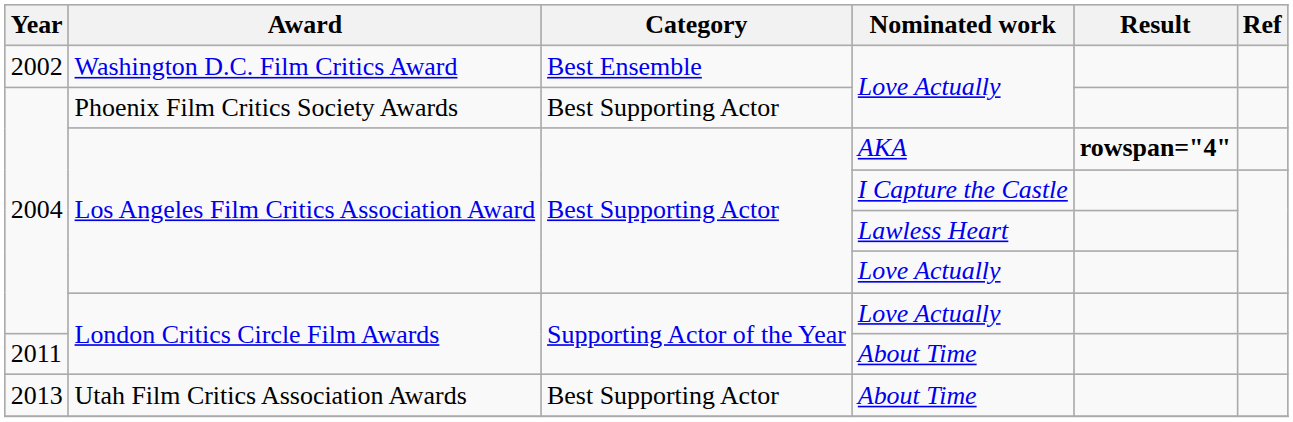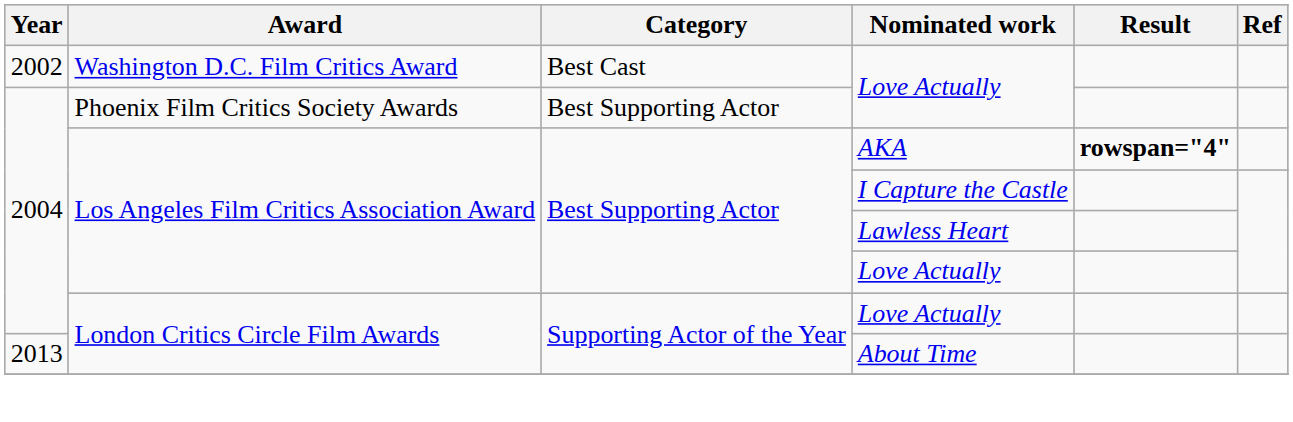 <table class="wikitable sortable">
 <tr>
 <th>Year</th>
 <th>Award</th>
 <th>Category</th>
 <th>Nominated work</th>
 <th>Result</th>
 <th class=unsortable>Ref</th>
 </tr>
 <tr>
 <td>2002</td>
 <td><a href='#'>Washington D.C. Film Critics Award</a></td>
-<td><a href='#'>Best Ensemble</a></td>
+<td>Best Cast</td>
 <td rowspan="2"><em><a href='#'>Love Actually</a></em></td>
 <td></td>
 <td></td>
 </tr>
 <tr>
 <td rowspan="6">2004</td>
 <td>Phoenix Film Critics Society Awards</td>
 <td>Best Supporting Actor</td>
 <td></td>
 <td></td>
 </tr>
 <tr>
 <td rowspan="4"><a href='#'>Los Angeles Film Critics Association Award</a></td>
 <td rowspan="4"><a href='#'>Best Supporting Actor</a></td>
 <td><em><a href='#'>AKA</a></em></td>
 <td><strong>rowspan="4" </strong></td>
 <td></td>
 </tr>
 <tr>
 <td><em><a href='#'>I Capture the Castle</a></em></td>
 <td></td>
 </tr>
 <tr>
 <td><em><a href='#'>Lawless Heart</a></em></td>
 <td></td>
 </tr>
 <tr>
 <td><em><a href='#'>Love Actually</a></em></td>
 <td></td>
 </tr>
 <tr>
 <td rowspan="2"><a href='#'>London Critics Circle Film Awards</a></td>
 <td rowspan="2"><a href='#'>Supporting Actor of the Year</a></td>
 <td><em><a href='#'>Love Actually</a></em></td>
 <td></td>
 <td></td>
 </tr>
 <tr>
-<td>2011</td>
-<td><em><a href='#'>About Time</a></em></td>
-<td></td>
-<td></td>
-</tr>
-<tr>
 <td>2013</td>
-<td>Utah Film Critics Association Awards</td>
-<td>Best Supporting Actor</td>
 <td><em><a href='#'>About Time</a></em></td>
 <td></td>
 <td></td>
 </tr>
 <tr>
 </tr>
 </table>
